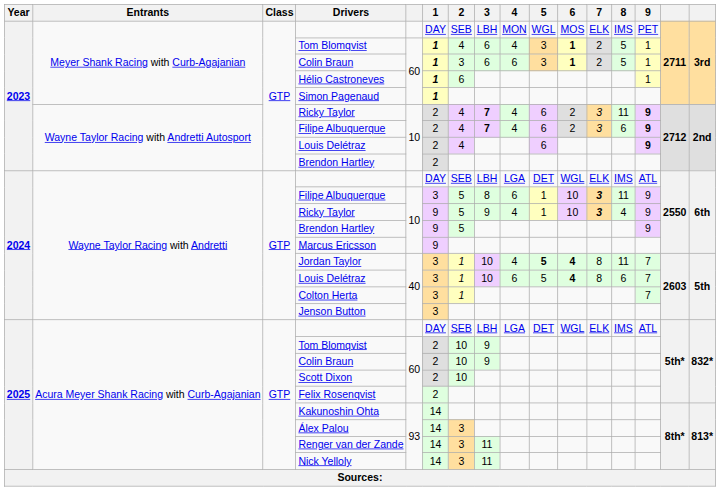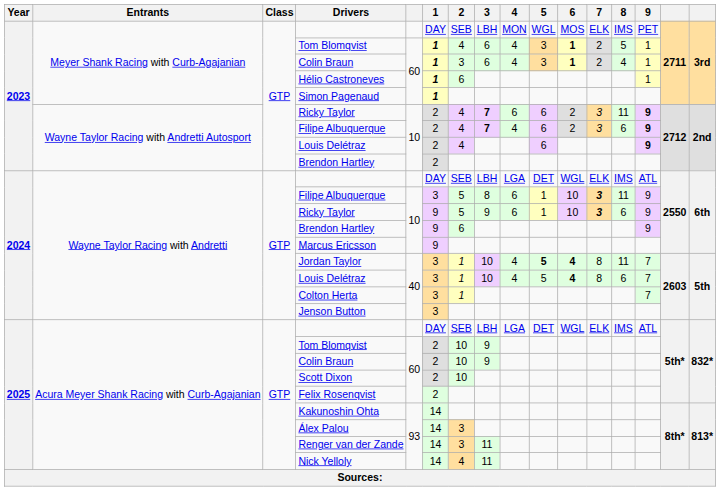 <table class="wikitable" style="text-align:center; font-size:90%">
 <tr>
 <th>Year</th>
 <th>Entrants</th>
 <th>Class</th>
 <th>Drivers</th>
 <th></th>
 <th>1</th>
 <th>2</th>
 <th>3</th>
 <th>4</th>
 <th>5</th>
 <th>6</th>
 <th>7</th>
 <th>8</th>
 <th>9</th>
 <th></th>
 <th></th>
 </tr>
 <tr>
 <th rowspan="9"><a href='#'>2023</a></th>
 <td rowspan="5"><a href='#'>Meyer Shank Racing</a> with <a href='#'>Curb-Agajanian</a></td>
 <td rowspan="9"><a href='#'>GTP</a></td>
 <td></td>
 <td></td>
 <td><a href='#'>DAY</a></td>
 <td><a href='#'>SEB</a></td>
 <td><a href='#'>LBH</a></td>
 <td><a href='#'>MON</a></td>
 <td><a href='#'>WGL</a></td>
 <td><a href='#'>MOS</a></td>
 <td><a href='#'>ELK</a></td>
 <td><a href='#'>IMS</a></td>
 <td><a href='#'>PET</a></td>
 <th rowspan=5 style="background:#FFDF9F;”">2711</th>
 <th rowspan=5 style="background:#FFDF9F;”">3rd</th>
 </tr>
 <tr>
 <td align="left"> <a href='#'>Tom Blomqvist</a></td>
 <td rowspan="4">60</td>
 <td style="background:#FFFFBF;"><strong><em>1</em></strong></td>
 <td style="background:#DFFFDF;">4</td>
 <td style="background:#DFFFDF;">6</td>
 <td style="background:#DFFFDF;">4</td>
 <td style="background:#FFDF9F;”">3</td>
 <td style="background:#FFFFBF;"><strong>1</strong></td>
 <td style="background:#DFDFDF;">2</td>
 <td style="background:#DFFFDF;">5</td>
 <td style="background:#FFFFBF;">1</td>
 </tr>
 <tr>
 <td align="left"> <a href='#'>Colin Braun</a></td>
 <td style="background:#FFFFBF;"><strong><em>1</em></strong></td>
 <td style="background:#DFFFDF;">3</td>
 <td style="background:#DFFFDF;">6</td>
-<td style="background:#DFFFDF;">6</td>
+<td style="background:#DFFFDF;">4</td>
 <td style="background:#FFDF9F;”">3</td>
 <td style="background:#FFFFBF;"><strong>1</strong></td>
 <td style="background:#DFDFDF;">2</td>
-<td style="background:#DFFFDF;">5</td>
+<td style="background:#dfffdf;" align="center">4</td>
 <td style="background:#FFFFBF;">1</td>
 </tr>
 <tr>
 <td align="left"> <a href='#'>Hélio Castroneves</a></td>
 <td style="background:#FFFFBF;"><strong><em>1</em></strong></td>
 <td style="background:#DFFFDF;">6</td>
 <td></td>
 <td></td>
 <td></td>
 <td></td>
 <td></td>
 <td></td>
 <td style="background:#FFFFBF;">1</td>
 </tr>
 <tr>
 <td align="left"> <a href='#'>Simon Pagenaud</a></td>
 <td style="background:#FFFFBF;"><strong><em>1</em></strong></td>
 <td></td>
 <td></td>
 <td></td>
 <td></td>
 <td></td>
 <td></td>
 <td></td>
 <td></td>
 </tr>
 <tr>
 <td rowspan="4"><a href='#'>Wayne Taylor Racing</a> with <a href='#'>Andretti Autosport</a></td>
 <td align="left"> <a href='#'>Ricky Taylor</a></td>
 <td rowspan="4">10</td>
 <td style="background:#DFDFDF;">2</td>
 <td style="background:#EFCFFF;">4</td>
 <td style="background:#EFCFFF;"><strong>7</strong></td>
-<td style="background:#DFFFDF;">4</td>
+<td style="background:#DFFFDF;">6</td>
 <td style="background:#EFCFFF;">6</td>
 <td style="background:#DFDFDF;">2</td>
 <td style="background:#FFDF9F;”"><em>3</em></td>
 <td style="background:#dfffdf;" align="center">11</td>
 <td style="background:#EFCFFF;"><strong>9</strong></td>
 <th rowspan="4" style="background:#DFDFDF;">2712</th>
 <th rowspan="4" style="background:#DFDFDF;">2nd</th>
 </tr>
 <tr>
 <td align="left"> <a href='#'>Filipe Albuquerque</a></td>
 <td style="background:#DFDFDF;">2</td>
 <td style="background:#EFCFFF;">4</td>
 <td style="background:#EFCFFF;"><strong>7</strong></td>
 <td style="background:#DFFFDF;">4</td>
 <td style="background:#EFCFFF;">6</td>
 <td style="background:#DFDFDF;">2</td>
 <td style="background:#FFDF9F;”"><em>3</em></td>
 <td style="background:#DFFFDF;">6</td>
 <td style="background:#EFCFFF;"><strong>9</strong></td>
 </tr>
 <tr>
 <td align="left"> <a href='#'>Louis Delétraz</a></td>
 <td style="background:#DFDFDF;">2</td>
 <td style="background:#EFCFFF;">4</td>
 <td></td>
 <td></td>
 <td style="background:#EFCFFF;">6</td>
 <td></td>
 <td></td>
 <td></td>
 <td style="background:#EFCFFF;"><strong>9</strong></td>
 </tr>
 <tr>
 <td align="left"> <a href='#'>Brendon Hartley</a></td>
 <td style="background:#DFDFDF;">2</td>
 <td></td>
 <td></td>
 <td></td>
 <td></td>
 <td></td>
 <td></td>
 <td></td>
 <td></td>
 </tr>
 <tr>
 <th rowspan="9"><a href='#'>2024</a></th>
 <td rowspan="9"><a href='#'>Wayne Taylor Racing</a> with <a href='#'>Andretti</a></td>
 <td rowspan="9"><a href='#'>GTP</a></td>
 <td></td>
 <td></td>
 <td><a href='#'>DAY</a></td>
 <td><a href='#'>SEB</a></td>
 <td><a href='#'>LBH</a></td>
 <td><a href='#'>LGA</a></td>
 <td><a href='#'>DET</a></td>
 <td><a href='#'>WGL</a></td>
 <td><a href='#'>ELK</a></td>
 <td><a href='#'>IMS</a></td>
 <td><a href='#'>ATL</a></td>
 <th rowspan="5">2550</th>
 <th rowspan="5">6th</th>
 </tr>
 <tr>
 <td align="left"> <a href='#'>Filipe Albuquerque</a></td>
 <td rowspan="4">10</td>
 <td style="background:#efcfff;" align="center">3</td>
 <td style="background:#dfffdf;" align="center">5</td>
 <td style="background:#dfffdf;" align="center">8</td>
 <td style="background:#dfffdf;" align="center">6</td>
 <td style="background:#ffffbf;" align="center">1</td>
 <td style="background:#efcfff;" align="center">10</td>
 <td style="background:#ffdf9f;" align="center"><strong><em>3</em></strong></td>
 <td style="background:#dfffdf;" align="center">11</td>
 <td style="background:#efcfff;" align="center">9</td>
 </tr>
 <tr>
 <td align="left"> <a href='#'>Ricky Taylor</a></td>
 <td style="background:#efcfff;" align="center">9</td>
 <td style="background:#dfffdf;" align="center">5</td>
 <td style="background:#dfffdf;" align="center">9</td>
-<td style="background:#dfffdf;" align="center">4</td>
+<td style="background:#dfffdf;" align="center">6</td>
 <td style="background:#ffffbf;" align="center">1</td>
 <td style="background:#efcfff;" align="center">10</td>
 <td style="background:#ffdf9f;"align="center"><strong><em>3</em></strong></td>
-<td style="background:#dfffdf;" align="center">4</td>
+<td style="background:#DFFFDF;">6</td>
 <td style="background:#efcfff;" align="center">9</td>
 </tr>
 <tr>
 <td align="left"> <a href='#'>Brendon Hartley</a></td>
 <td style="background:#efcfff;" align="center">9</td>
-<td style="background:#dfffdf;" align="center">5</td>
+<td style="background:#dfffdf;" align="center">6</td>
 <td></td>
 <td></td>
 <td></td>
 <td></td>
 <td></td>
 <td></td>
 <td style="background:#efcfff;" align="center">9</td>
 </tr>
 <tr>
 <td align="left"> <a href='#'>Marcus Ericsson</a></td>
 <td style="background:#efcfff;" align="center">9</td>
 <td></td>
 <td></td>
 <td></td>
 <td></td>
 <td></td>
 <td></td>
 <td></td>
 <td></td>
 </tr>
 <tr>
 <td align="left"> <a href='#'>Jordan Taylor</a></td>
 <td rowspan="4">40</td>
 <td style="background:#ffdf9f;" align="center">3</td>
 <td style="background:#ffffbf;" align="center"><em>1</em></td>
 <td style="background:#efcfff;" align="center">10</td>
 <td style="background:#dfffdf;" align="center">4</td>
 <td style="background:#dfffdf;" align="center"><strong>5</strong></td>
 <td style="background:#dfffdf;" align="center"><strong>4</strong></td>
 <td style="background:#dfffdf;" align="center">8</td>
 <td style="background:#dfffdf;" align="center">11</td>
 <td style="background:#dfffdf;" align="center">7</td>
 <th rowspan="4">2603</th>
 <th rowspan="4">5th</th>
 </tr>
 <tr>
 <td align="left"> <a href='#'>Louis Delétraz</a></td>
 <td style="background:#ffdf9f;" align="center">3</td>
 <td style="background:#ffffbf;" align="center"><em>1</em></td>
 <td style="background:#efcfff;" align="center">10</td>
-<td style="background:#dfffdf;" align="center">6</td>
+<td style="background:#dfffdf;" align="center">4</td>
 <td style="background:#dfffdf;" align="center">5</td>
 <td style="background:#dfffdf;" align="center"><strong>4</strong></td>
 <td style="background:#dfffdf;" align="center">8</td>
 <td style="background:#DFFFDF;">6</td>
 <td style="background:#dfffdf;" align="center">7</td>
 </tr>
 <tr>
 <td align="left"> <a href='#'>Colton Herta</a></td>
 <td style="background:#ffdf9f;" align="center">3</td>
 <td style="background:#ffffbf;" align="center"><em>1</em></td>
 <td></td>
 <td></td>
 <td></td>
 <td></td>
 <td></td>
 <td></td>
 <td style="background:#dfffdf;" align="center">7</td>
 </tr>
 <tr>
 <td align="left"> <a href='#'>Jenson Button</a></td>
 <td style="background:#ffdf9f;" align="center">3</td>
 <td></td>
 <td></td>
 <td></td>
 <td></td>
 <td></td>
 <td></td>
 <td></td>
 <td></td>
 </tr>
 <tr>
 <th rowspan="9"><a href='#'>2025</a></th>
 <td rowspan="9"><a href='#'>Acura Meyer Shank Racing</a> with <a href='#'>Curb-Agajanian</a></td>
 <td rowspan="9"><a href='#'>GTP</a></td>
 <td></td>
 <td></td>
 <td><a href='#'>DAY</a></td>
 <td><a href='#'>SEB</a></td>
 <td><a href='#'>LBH</a></td>
 <td><a href='#'>LGA</a></td>
 <td><a href='#'>DET</a></td>
 <td><a href='#'>WGL</a></td>
 <td><a href='#'>ELK</a></td>
 <td><a href='#'>IMS</a></td>
 <td><a href='#'>ATL</a></td>
 <th rowspan="5">5th*</th>
 <th rowspan="5">832*</th>
 </tr>
 <tr>
 <td align="left"> <a href='#'>Tom Blomqvist</a></td>
 <td rowspan="4">60</td>
 <td style="background:#DFDFDF;">2</td>
 <td style="background:#dfffdf;">10</td>
 <td style="background:#dfffdf;">9</td>
 <td></td>
 <td></td>
 <td></td>
 <td></td>
 <td></td>
 <td></td>
 </tr>
 <tr>
 <td align="left"> <a href='#'>Colin Braun</a></td>
 <td style="background:#DFDFDF;">2</td>
 <td style="background:#dfffdf;">10</td>
 <td style="background:#dfffdf;">9</td>
 <td></td>
 <td></td>
 <td></td>
 <td></td>
 <td></td>
 <td></td>
 </tr>
 <tr>
 <td align="left"> <a href='#'>Scott Dixon</a></td>
 <td style="background:#DFDFDF;">2</td>
 <td style="background:#dfffdf;">10</td>
 <td></td>
 <td></td>
 <td></td>
 <td></td>
 <td></td>
 <td></td>
 <td></td>
 </tr>
 <tr>
 <td align="left"> <a href='#'>Felix Rosenqvist</a></td>
 <td style="background:#dfffdf;">2</td>
 <td></td>
 <td></td>
 <td></td>
 <td></td>
 <td></td>
 <td></td>
 <td></td>
 <td></td>
 </tr>
 <tr>
 <td align="left"> <a href='#'>Kakunoshin Ohta</a></td>
 <td rowspan="4">93</td>
 <td style="background:#dfffdf;" align="center">14</td>
 <td></td>
 <td></td>
 <td></td>
 <td></td>
 <td></td>
 <td></td>
 <td></td>
 <td></td>
 <th rowspan="4">8th*</th>
 <th rowspan="4">813*</th>
 </tr>
 <tr>
 <td align="left"> <a href='#'>Álex Palou</a></td>
 <td style="background:#dfffdf;" align="center">14</td>
 <td style="background:#ffdf9f;" align="center">3</td>
 <td></td>
 <td></td>
 <td></td>
 <td></td>
 <td></td>
 <td></td>
 <td></td>
 </tr>
 <tr>
 <td align="left"> <a href='#'>Renger van der Zande</a></td>
 <td style="background:#dfffdf;" align="center">14</td>
 <td style="background:#ffdf9f;" align="center">3</td>
 <td style="background:#dfffdf;">11</td>
 <td></td>
 <td></td>
 <td></td>
 <td></td>
 <td></td>
 <td></td>
 </tr>
 <tr>
 <td align="left"> <a href='#'>Nick Yelloly</a></td>
 <td style="background:#dfffdf;" align="center">14</td>
-<td style="background:#ffdf9f;" align="center">3</td>
+<td style="background:#ffdf9f;" align="center">4</td>
 <td style="background:#dfffdf;">11</td>
 <td></td>
 <td></td>
 <td></td>
 <td></td>
 <td></td>
 <td></td>
 </tr>
 <tr>
 <th colspan="16">Sources:</th>
 </tr>
 </table>
